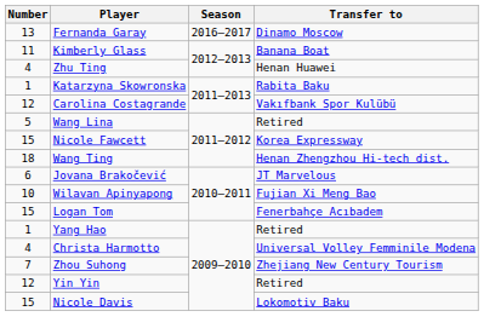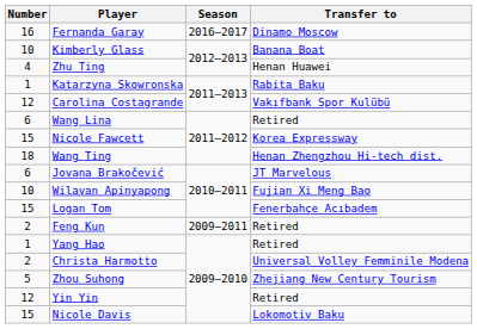 <table class="wikitable">
 <tr>
 <th>Number</th>
 <th>Player</th>
 <th>Season</th>
 <th>Transfer to</th>
 </tr>
 <tr align="left">
-<td align="center">13</td>
+<td align="center">16</td>
 <td> <a href='#'>Fernanda Garay</a></td>
 <td rowspan="1">2016–2017</td>
 <td> <a href='#'>Dinamo Moscow</a></td>
 </tr>
 <tr align="left">
-<td align="center">11</td>
+<td align="center">10</td>
 <td> <a href='#'>Kimberly Glass</a></td>
 <td rowspan="2">2012–2013</td>
 <td> <a href='#'>Banana Boat</a></td>
 </tr>
 <tr align="left">
 <td align="center">4</td>
 <td> <a href='#'>Zhu Ting</a></td>
 <td> Henan Huawei</td>
 </tr>
 <tr align="left">
 <td align="center">1</td>
 <td> <a href='#'>Katarzyna Skowronska</a></td>
 <td rowspan="2">2011–2013</td>
 <td> <a href='#'>Rabita Baku</a></td>
 </tr>
 <tr align="left">
 <td align="center">12</td>
 <td> <a href='#'>Carolina Costagrande</a></td>
 <td> <a href='#'>Vakıfbank Spor Kulübü</a></td>
 </tr>
 <tr align="left">
-<td align="center">5</td>
+<td align="center">6</td>
 <td> <a href='#'>Wang Lina</a></td>
 <td rowspan="3">2011–2012</td>
 <td>Retired</td>
 </tr>
 <tr align="left">
 <td align="center">15</td>
 <td> <a href='#'>Nicole Fawcett</a></td>
 <td> <a href='#'>Korea Expressway</a></td>
 </tr>
 <tr align="left">
 <td align="center">18</td>
 <td> <a href='#'>Wang Ting</a></td>
 <td> <a href='#'>Henan Zhengzhou Hi-tech dist.</a></td>
 </tr>
 <tr align="left">
 <td align="center">6</td>
 <td> <a href='#'>Jovana Brakočević</a></td>
 <td rowspan="3">2010–2011</td>
 <td> <a href='#'>JT Marvelous</a></td>
 </tr>
 <tr align="left">
 <td align="center">10</td>
 <td> <a href='#'>Wilavan Apinyapong</a></td>
 <td> <a href='#'>Fujian Xi Meng Bao</a></td>
 </tr>
 <tr align="left">
 <td align="center">15</td>
 <td> <a href='#'>Logan Tom</a></td>
 <td> <a href='#'>Fenerbahçe Acıbadem</a></td>
 </tr>
 <tr align="left">
+<td align="center">2</td>
+<td> <a href='#'>Feng Kun</a></td>
+<td>2009–2011</td>
+<td>Retired</td>
+</tr>
+<tr align="left">
 <td align="center">1</td>
 <td> <a href='#'>Yang Hao</a></td>
 <td rowspan="5">2009–2010</td>
 <td>Retired</td>
 </tr>
 <tr align="left">
-<td align="center">4</td>
+<td align="center">2</td>
 <td> <a href='#'>Christa Harmotto</a></td>
 <td> <a href='#'>Universal Volley Femminile Modena</a></td>
 </tr>
 <tr align="left">
-<td align="center">7</td>
+<td align="center">5</td>
 <td> <a href='#'>Zhou Suhong</a></td>
 <td> <a href='#'>Zhejiang New Century Tourism</a></td>
 </tr>
 <tr align="left">
 <td align="center">12</td>
 <td> <a href='#'>Yin Yin</a></td>
 <td>Retired</td>
 </tr>
 <tr align="left">
 <td align="center">15</td>
 <td> <a href='#'>Nicole Davis</a></td>
 <td> <a href='#'>Lokomotiv Baku</a></td>
 </tr>
 </table>
